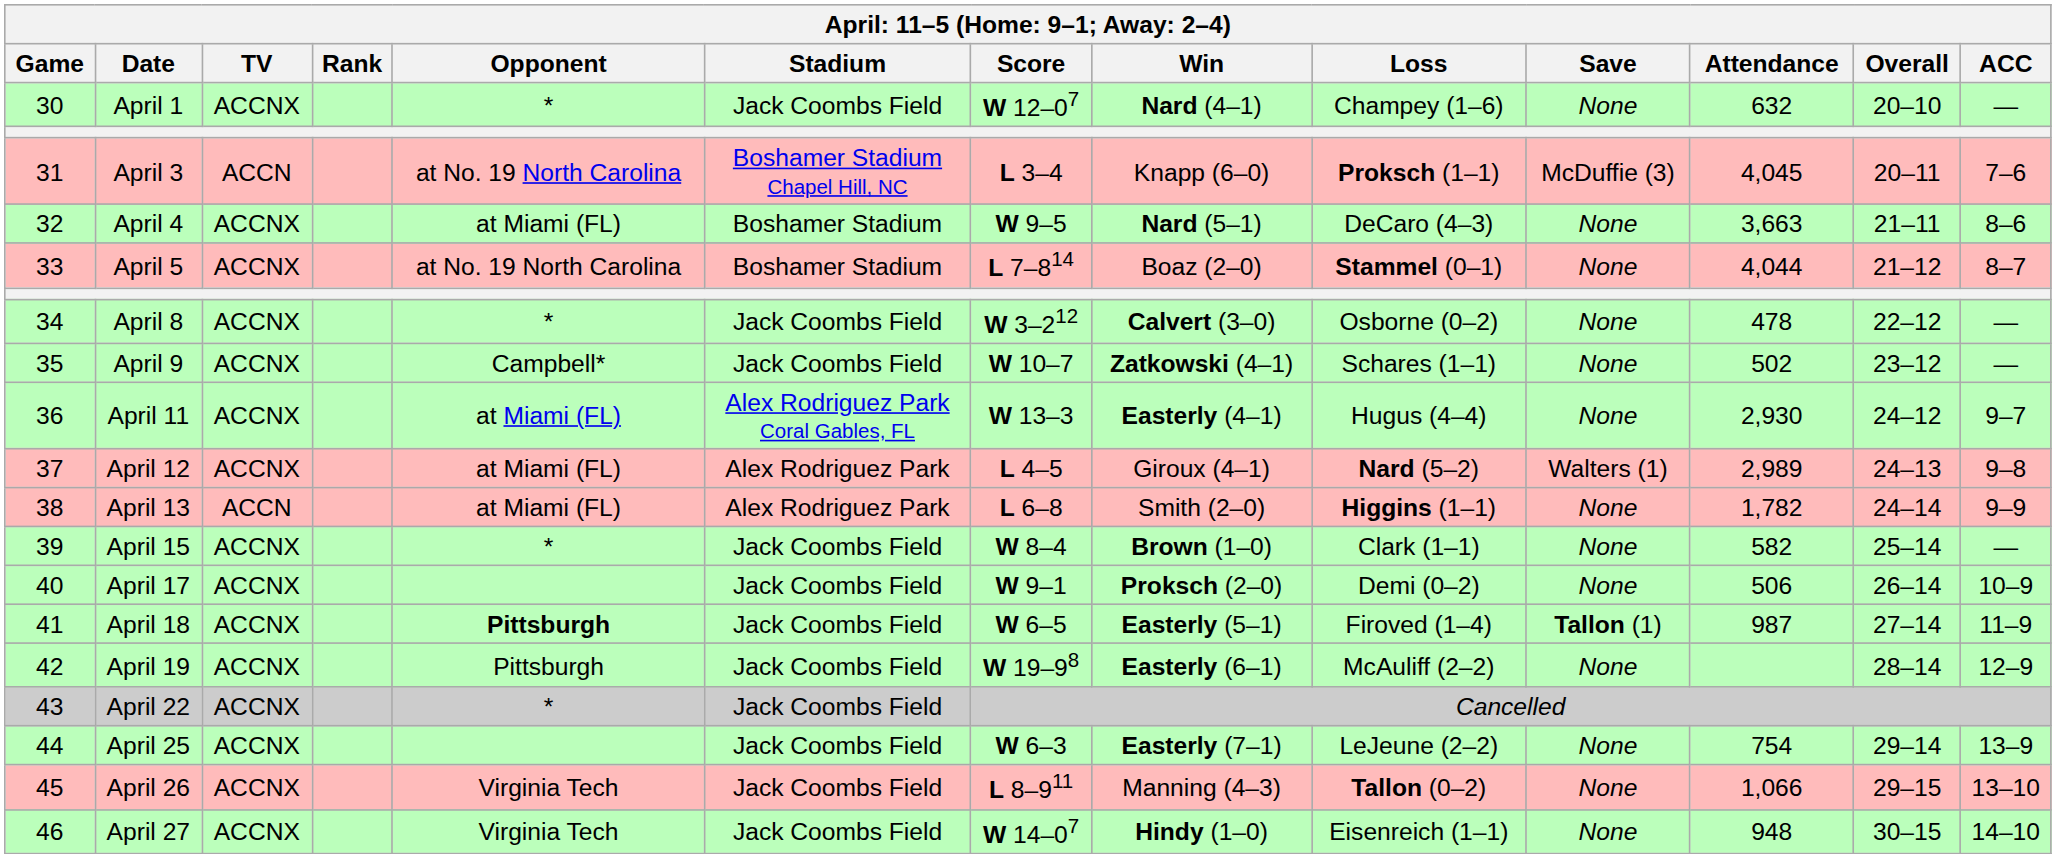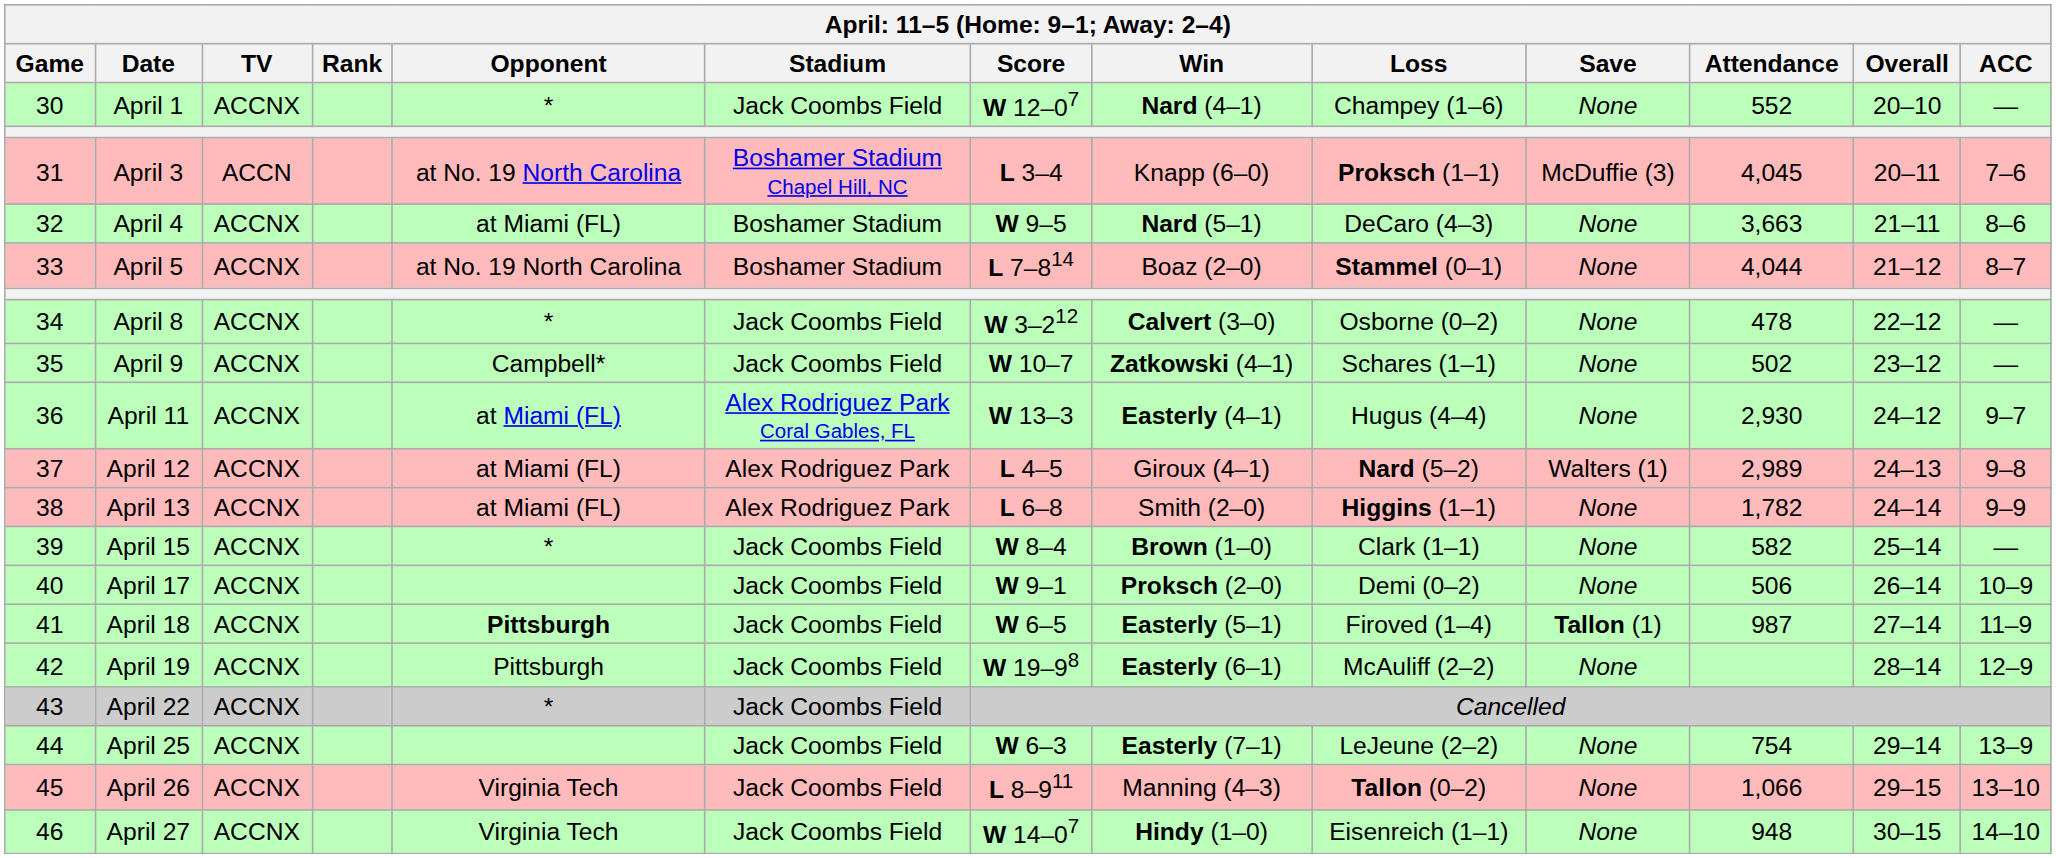 <table class="wikitable collapsible collapsed" style="margin:auto; width:100%; text-align:center; font-size:95%">
 <tr>
 <th colspan=13>April: 11–5 (Home: 9–1; Away: 2–4)</th>
 </tr>
 <tr>
 <th>Game</th>
 <th>Date</th>
 <th>TV</th>
 <th>Rank</th>
 <th>Opponent</th>
 <th>Stadium</th>
 <th>Score</th>
 <th>Win</th>
 <th>Loss</th>
 <th>Save</th>
 <th>Attendance</th>
 <th>Overall</th>
 <th>ACC</th>
 </tr>
 <tr style="background:#bfb">
 <td>30</td>
 <td>April 1</td>
 <td>ACCNX</td>
 <td></td>
 <td>*</td>
 <td>Jack Coombs Field</td>
 <td><strong>W</strong> 12–0<sup>7</sup></td>
 <td><strong>Nard</strong> (4–1)</td>
 <td>Champey (1–6)</td>
 <td><em>None</em></td>
-<td>632</td>
+<td>552</td>
 <td>20–10</td>
 <td>—</td>
 </tr>
 <tr>
 <th colspan=13 style="padding-left:4em;"></th>
 </tr>
 <tr style="background:#fbb">
 <td>31</td>
 <td>April 3</td>
 <td>ACCN</td>
 <td></td>
 <td>at No. 19 <a href='#'>North Carolina</a></td>
 <td><a href='#'>Boshamer Stadium</a><br><small><a href='#'>Chapel Hill, NC</a></small></td>
 <td><strong>L</strong> 3–4</td>
 <td>Knapp (6–0)</td>
 <td><strong>Proksch</strong> (1–1)</td>
 <td>McDuffie (3)</td>
 <td>4,045</td>
 <td>20–11</td>
 <td>7–6</td>
 </tr>
 <tr style="background:#bfb">
 <td>32</td>
 <td>April 4</td>
 <td>ACCNX</td>
 <td></td>
 <td>at Miami (FL)</td>
 <td>Boshamer Stadium</td>
 <td><strong>W</strong> 9–5</td>
 <td><strong>Nard</strong> (5–1)</td>
 <td>DeCaro (4–3)</td>
 <td><em>None</em></td>
 <td>3,663</td>
 <td>21–11</td>
 <td>8–6</td>
 </tr>
 <tr style="background:#fbb">
 <td>33</td>
 <td>April 5</td>
 <td>ACCNX</td>
 <td></td>
 <td>at No. 19 North Carolina</td>
 <td>Boshamer Stadium</td>
 <td><strong>L</strong> 7–8<sup>14</sup></td>
 <td>Boaz (2–0)</td>
 <td><strong>Stammel</strong> (0–1)</td>
 <td><em>None</em></td>
 <td>4,044</td>
 <td>21–12</td>
 <td>8–7</td>
 </tr>
 <tr>
 <th colspan=13 style="padding-left:4em;"></th>
 </tr>
 <tr style="background:#bfb">
 <td>34</td>
 <td>April 8</td>
 <td>ACCNX</td>
 <td></td>
 <td>*</td>
 <td>Jack Coombs Field</td>
 <td><strong>W</strong> 3–2<sup>12</sup></td>
 <td><strong>Calvert</strong> (3–0)</td>
 <td>Osborne (0–2)</td>
 <td><em>None</em></td>
 <td>478</td>
 <td>22–12</td>
 <td>—</td>
 </tr>
 <tr style="background:#bfb">
 <td>35</td>
 <td>April 9</td>
 <td>ACCNX</td>
 <td></td>
 <td>Campbell*</td>
 <td>Jack Coombs Field</td>
 <td><strong>W</strong> 10–7</td>
 <td><strong>Zatkowski</strong> (4–1)</td>
 <td>Schares (1–1)</td>
 <td><em>None</em></td>
 <td>502</td>
 <td>23–12</td>
 <td>—</td>
 </tr>
 <tr style="background:#bfb">
 <td>36</td>
 <td>April 11</td>
 <td>ACCNX</td>
 <td></td>
 <td>at <a href='#'>Miami (FL)</a></td>
 <td><a href='#'>Alex Rodriguez Park</a><br><small><a href='#'>Coral Gables, FL</a></small></td>
 <td><strong>W</strong> 13–3</td>
 <td><strong>Easterly</strong> (4–1)</td>
 <td>Hugus (4–4)</td>
 <td><em>None</em></td>
 <td>2,930</td>
 <td>24–12</td>
 <td>9–7</td>
 </tr>
 <tr style="background:#fbb">
 <td>37</td>
 <td>April 12</td>
 <td>ACCNX</td>
 <td></td>
 <td>at Miami (FL)</td>
 <td>Alex Rodriguez Park</td>
 <td><strong>L</strong> 4–5</td>
 <td>Giroux (4–1)</td>
 <td><strong>Nard</strong> (5–2)</td>
 <td>Walters (1)</td>
 <td>2,989</td>
 <td>24–13</td>
 <td>9–8</td>
 </tr>
 <tr style="background:#fbb">
 <td>38</td>
 <td>April 13</td>
-<td>ACCN</td>
+<td>ACCNX</td>
 <td></td>
 <td>at Miami (FL)</td>
 <td>Alex Rodriguez Park</td>
 <td><strong>L</strong> 6–8</td>
 <td>Smith (2–0)</td>
 <td><strong>Higgins</strong> (1–1)</td>
 <td><em>None</em></td>
 <td>1,782</td>
 <td>24–14</td>
 <td>9–9</td>
 </tr>
 <tr style="background:#bfb">
 <td>39</td>
 <td>April 15</td>
 <td>ACCNX</td>
 <td></td>
 <td>*</td>
 <td>Jack Coombs Field</td>
 <td><strong>W</strong> 8–4</td>
 <td><strong>Brown</strong> (1–0)</td>
 <td>Clark (1–1)</td>
 <td><em>None</em></td>
 <td>582</td>
 <td>25–14</td>
 <td>—</td>
 </tr>
 <tr style="background:#bfb">
 <td>40</td>
 <td>April 17</td>
 <td>ACCNX</td>
 <td></td>
 <td></td>
 <td>Jack Coombs Field</td>
 <td><strong>W</strong> 9–1</td>
 <td><strong>Proksch</strong> (2–0)</td>
 <td>Demi (0–2)</td>
 <td><em>None</em></td>
 <td>506</td>
 <td>26–14</td>
 <td>10–9</td>
 </tr>
 <tr style="background:#bfb">
 <td>41</td>
 <td>April 18</td>
 <td>ACCNX</td>
 <td></td>
 <td><strong>Pittsburgh</strong></td>
 <td>Jack Coombs Field</td>
 <td><strong>W</strong> 6–5</td>
 <td><strong>Easterly</strong> (5–1)</td>
 <td>Firoved (1–4)</td>
 <td><strong>Tallon</strong> (1)</td>
 <td>987</td>
 <td>27–14</td>
 <td>11–9</td>
 </tr>
 <tr style="background:#bfb">
 <td>42</td>
 <td>April 19</td>
 <td>ACCNX</td>
 <td></td>
 <td>Pittsburgh</td>
 <td>Jack Coombs Field</td>
 <td><strong>W</strong> 19–9<sup>8</sup></td>
 <td><strong>Easterly</strong> (6–1)</td>
 <td>McAuliff (2–2)</td>
 <td><em>None</em></td>
 <td></td>
 <td>28–14</td>
 <td>12–9</td>
 </tr>
 <tr style="background:#ccc">
 <td>43</td>
 <td>April 22</td>
 <td>ACCNX</td>
 <td></td>
 <td>*</td>
 <td>Jack Coombs Field</td>
 <td colspan=7><em>Cancelled</em></td>
 </tr>
 <tr style="background:#bfb">
 <td>44</td>
 <td>April 25</td>
 <td>ACCNX</td>
 <td></td>
 <td></td>
 <td>Jack Coombs Field</td>
 <td><strong>W</strong> 6–3</td>
 <td><strong>Easterly</strong> (7–1)</td>
 <td>LeJeune (2–2)</td>
 <td><em>None</em></td>
 <td>754</td>
 <td>29–14</td>
 <td>13–9</td>
 </tr>
 <tr style="background:#fbb">
 <td>45</td>
 <td>April 26</td>
 <td>ACCNX</td>
 <td></td>
 <td>Virginia Tech</td>
 <td>Jack Coombs Field</td>
 <td><strong>L</strong> 8–9<sup>11</sup></td>
 <td>Manning (4–3)</td>
 <td><strong>Tallon</strong> (0–2)</td>
 <td><em>None</em></td>
 <td>1,066</td>
 <td>29–15</td>
 <td>13–10</td>
 </tr>
 <tr style="background:#bfb">
 <td>46</td>
 <td>April 27</td>
 <td>ACCNX</td>
 <td></td>
 <td>Virginia Tech</td>
 <td>Jack Coombs Field</td>
 <td><strong>W</strong> 14–0<sup>7</sup></td>
 <td><strong>Hindy</strong> (1–0)</td>
 <td>Eisenreich (1–1)</td>
 <td><em>None</em></td>
 <td>948</td>
 <td>30–15</td>
 <td>14–10</td>
 </tr>
 <tr>
 </tr>
 </table>
